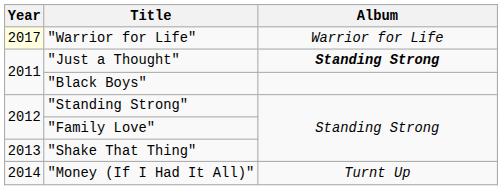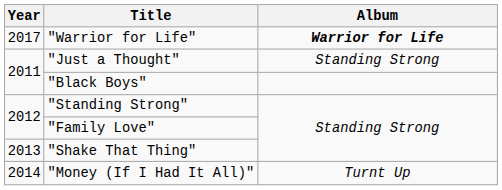 <table class="wikitable" style="text-align:center;">
 <tr>
 <th scope="col">Year</th>
 <th scope="col">Title</th>
 <th scope="col" width="220">Album</th>
 </tr>
 <tr>
-<td style="background: lightyellow;">2017</td>
+<td>2017</td>
 <td align="left">"Warrior for Life" </td>
-<td><em>Warrior for Life</em></td>
+<td><strong><em>Warrior for Life</em></strong></td>
 </tr>
 <tr>
 <td rowspan="2">2011</td>
 <td align="left">"Just a Thought"</td>
-<td><strong><em>Standing Strong</em></strong></td>
+<td><em>Standing Strong</em></td>
 </tr>
 <tr>
 <td align="left">"Black Boys" </td>
 <td></td>
 </tr>
 <tr>
 <td rowspan="2">2012</td>
 <td align="left">"Standing Strong"</td>
 <td rowspan="3"><em>Standing Strong</em></td>
 </tr>
 <tr>
 <td align="left">"Family Love"</td>
 </tr>
 <tr>
 <td>2013</td>
 <td align="left">"Shake That Thing" </td>
 </tr>
 <tr>
 <td>2014</td>
 <td align="left">"Money (If I Had It All)"</td>
 <td><em>Turnt Up</em></td>
 </tr>
 </table>
